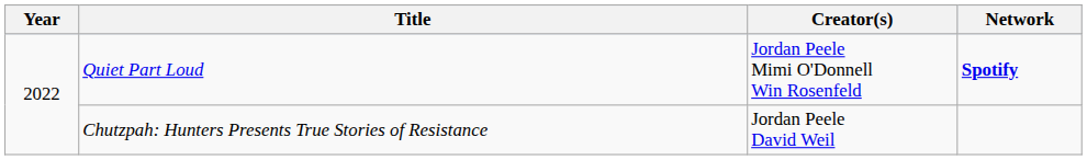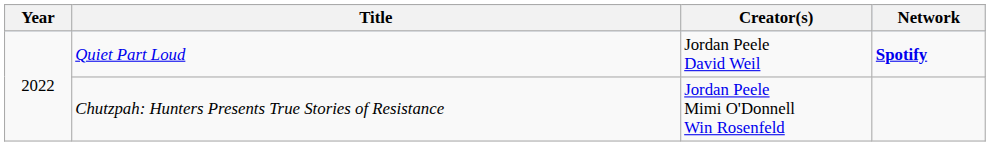 <table class="wikitable" style="width:74%;">
 <tr style="background:#b0c4de; text-align:center;">
 <th>Year</th>
 <th>Title</th>
 <th>Creator(s)</th>
 <th>Network</th>
 </tr>
 <tr>
 <td rowspan="2" style="text-align:center;">2022</td>
 <td><em><a href='#'>Quiet Part Loud</a></em></td>
-<td><a href='#'>Jordan Peele</a><br>Mimi O'Donnell<br><a href='#'>Win Rosenfeld</a></td>
+<td>Jordan Peele<br><a href='#'>David Weil</a></td>
 <td><strong><a href='#'>Spotify</a></strong></td>
 </tr>
 <tr>
 <td><em>Chutzpah: Hunters Presents True Stories of Resistance</em></td>
-<td>Jordan Peele<br><a href='#'>David Weil</a></td>
+<td><a href='#'>Jordan Peele</a><br>Mimi O'Donnell<br><a href='#'>Win Rosenfeld</a></td>
 <td></td>
 </tr>
 </table>
